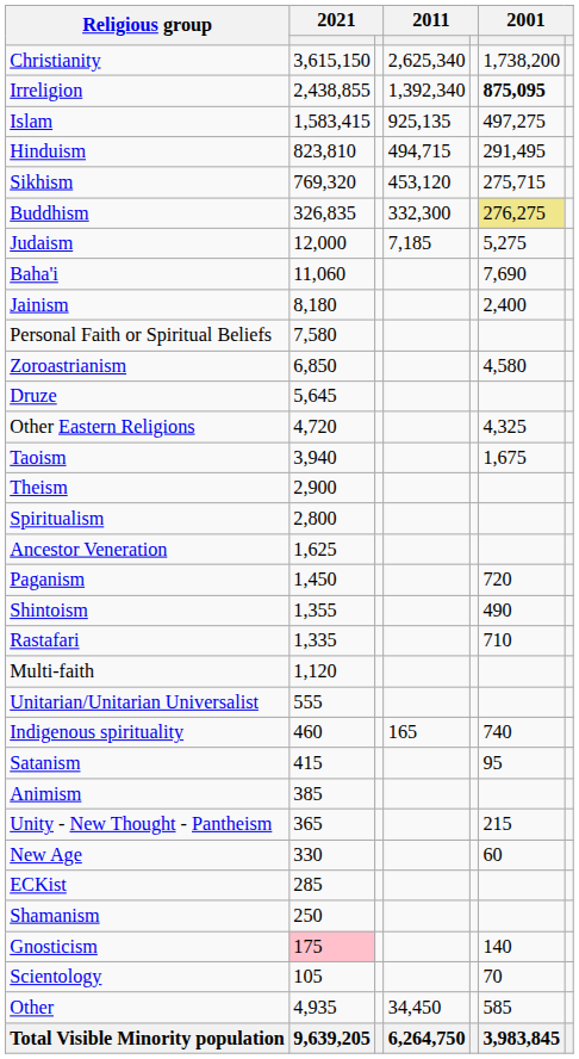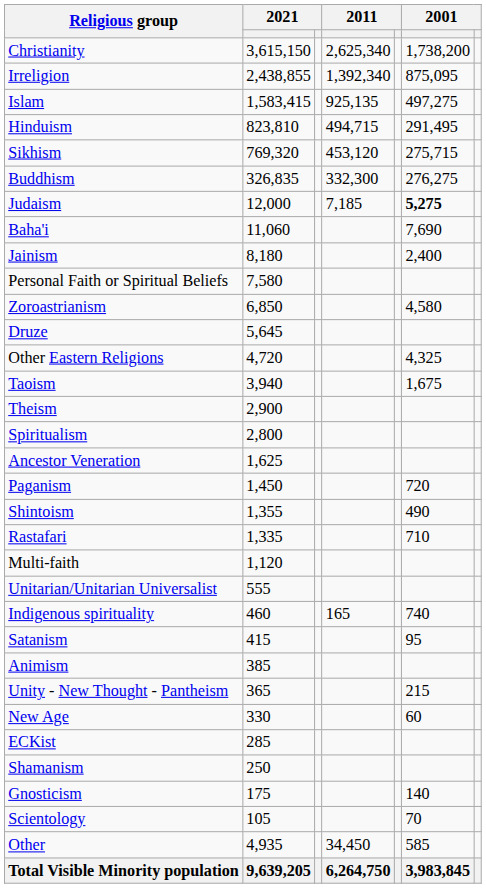 <table class="wikitable collapsible sortable">
 <tr>
 <th rowspan="2"><a href='#'>Religious</a> group</th>
 <th colspan="2">2021</th>
 <th colspan="2">2011</th>
 <th colspan="2">2001</th>
 </tr>
 <tr>
 <th><a href='#'></a></th>
 <th></th>
 <th></th>
 <th></th>
 <th></th>
 <th></th>
 </tr>
 <tr>
 <td><a href='#'>Christianity</a></td>
 <td>3,615,150</td>
 <td></td>
 <td>2,625,340</td>
 <td></td>
 <td>1,738,200</td>
 <td></td>
 </tr>
 <tr>
 <td><a href='#'>Irreligion</a></td>
 <td>2,438,855</td>
 <td></td>
 <td>1,392,340</td>
 <td></td>
-<td><strong>875,095</strong></td>
+<td>875,095</td>
 <td></td>
 </tr>
 <tr>
 <td><a href='#'>Islam</a></td>
 <td>1,583,415</td>
 <td></td>
 <td>925,135</td>
 <td></td>
 <td>497,275</td>
 <td></td>
 </tr>
 <tr>
 <td><a href='#'>Hinduism</a></td>
 <td>823,810</td>
 <td></td>
 <td>494,715</td>
 <td></td>
 <td>291,495</td>
 <td></td>
 </tr>
 <tr>
 <td><a href='#'>Sikhism</a></td>
 <td>769,320</td>
 <td></td>
 <td>453,120</td>
 <td></td>
 <td>275,715</td>
 <td></td>
 </tr>
 <tr>
 <td><a href='#'>Buddhism</a></td>
 <td>326,835</td>
 <td></td>
 <td>332,300</td>
 <td></td>
-<td style="background: khaki;">276,275</td>
+<td>276,275</td>
 <td></td>
 </tr>
 <tr>
 <td><a href='#'>Judaism</a></td>
 <td>12,000</td>
 <td></td>
 <td>7,185</td>
 <td></td>
-<td>5,275</td>
+<td><strong>5,275</strong></td>
 <td></td>
 </tr>
 <tr>
 <td><a href='#'>Baha'i</a></td>
 <td>11,060</td>
 <td></td>
 <td></td>
 <td></td>
 <td>7,690</td>
 <td></td>
 </tr>
 <tr>
 <td><a href='#'>Jainism</a></td>
 <td>8,180</td>
 <td></td>
 <td></td>
 <td></td>
 <td>2,400</td>
 <td></td>
 </tr>
 <tr>
 <td>Personal Faith or Spiritual Beliefs</td>
 <td>7,580</td>
 <td></td>
 <td></td>
 <td></td>
 <td></td>
 <td></td>
 </tr>
 <tr>
 <td><a href='#'>Zoroastrianism</a></td>
 <td>6,850</td>
 <td></td>
 <td></td>
 <td></td>
 <td>4,580</td>
 <td></td>
 </tr>
 <tr>
 <td><a href='#'>Druze</a></td>
 <td>5,645</td>
 <td></td>
 <td></td>
 <td></td>
 <td></td>
 <td></td>
 </tr>
 <tr>
 <td>Other <a href='#'>Eastern Religions</a></td>
 <td>4,720</td>
 <td></td>
 <td></td>
 <td></td>
 <td>4,325</td>
 <td></td>
 </tr>
 <tr>
 <td><a href='#'>Taoism</a></td>
 <td>3,940</td>
 <td></td>
 <td></td>
 <td></td>
 <td>1,675</td>
 <td></td>
 </tr>
 <tr>
 <td><a href='#'>Theism</a></td>
 <td>2,900</td>
 <td></td>
 <td></td>
 <td></td>
 <td></td>
 <td></td>
 </tr>
 <tr>
 <td><a href='#'>Spiritualism</a></td>
 <td>2,800</td>
 <td></td>
 <td></td>
 <td></td>
 <td></td>
 <td></td>
 </tr>
 <tr>
 <td><a href='#'>Ancestor Veneration</a></td>
 <td>1,625</td>
 <td></td>
 <td></td>
 <td></td>
 <td></td>
 <td></td>
 </tr>
 <tr>
 <td><a href='#'>Paganism</a></td>
 <td>1,450</td>
 <td></td>
 <td></td>
 <td></td>
 <td>720</td>
 <td></td>
 </tr>
 <tr>
 <td><a href='#'>Shintoism</a></td>
 <td>1,355</td>
 <td></td>
 <td></td>
 <td></td>
 <td>490</td>
 <td></td>
 </tr>
 <tr>
 <td><a href='#'>Rastafari</a></td>
 <td>1,335</td>
 <td></td>
 <td></td>
 <td></td>
 <td>710</td>
 <td></td>
 </tr>
 <tr>
 <td>Multi-faith</td>
 <td>1,120</td>
 <td></td>
 <td></td>
 <td></td>
 <td></td>
 <td></td>
 </tr>
 <tr>
 <td><a href='#'>Unitarian/Unitarian Universalist</a></td>
 <td>555</td>
 <td></td>
 <td></td>
 <td></td>
 <td></td>
 <td></td>
 </tr>
 <tr>
 <td><a href='#'>Indigenous spirituality</a></td>
 <td>460</td>
 <td></td>
 <td>165</td>
 <td></td>
 <td>740</td>
 <td></td>
 </tr>
 <tr>
 <td><a href='#'>Satanism</a></td>
 <td>415</td>
 <td></td>
 <td></td>
 <td></td>
 <td>95</td>
 <td></td>
 </tr>
 <tr>
 <td><a href='#'>Animism</a></td>
 <td>385</td>
 <td></td>
 <td></td>
 <td></td>
 <td></td>
 <td></td>
 </tr>
 <tr>
 <td><a href='#'>Unity</a> - <a href='#'>New Thought</a> - <a href='#'>Pantheism</a></td>
 <td>365</td>
 <td></td>
 <td></td>
 <td></td>
 <td>215</td>
 <td></td>
 </tr>
 <tr>
 <td><a href='#'>New Age</a></td>
 <td>330</td>
 <td></td>
 <td></td>
 <td></td>
 <td>60</td>
 <td></td>
 </tr>
 <tr>
 <td><a href='#'>ECKist</a></td>
 <td>285</td>
 <td></td>
 <td></td>
 <td></td>
 <td></td>
 <td></td>
 </tr>
 <tr>
 <td><a href='#'>Shamanism</a></td>
 <td>250</td>
 <td></td>
 <td></td>
 <td></td>
 <td></td>
 <td></td>
 </tr>
 <tr>
 <td><a href='#'>Gnosticism</a></td>
-<td style="background: pink;">175</td>
+<td>175</td>
 <td></td>
 <td></td>
 <td></td>
 <td>140</td>
 <td></td>
 </tr>
 <tr>
 <td><a href='#'>Scientology</a></td>
 <td>105</td>
 <td></td>
 <td></td>
 <td></td>
 <td>70</td>
 <td></td>
 </tr>
 <tr>
 <td><a href='#'>Other</a></td>
 <td>4,935</td>
 <td></td>
 <td>34,450</td>
 <td></td>
 <td>585</td>
 <td></td>
 </tr>
 <tr>
 <th>Total Visible Minority population</th>
 <th>9,639,205</th>
 <th></th>
 <th>6,264,750</th>
 <th></th>
 <th>3,983,845</th>
 <th></th>
 </tr>
 </table>
